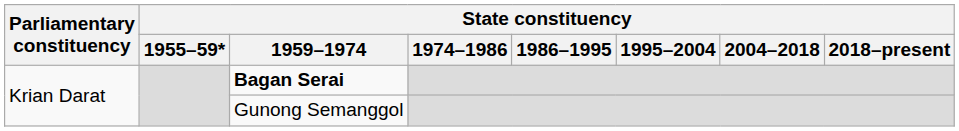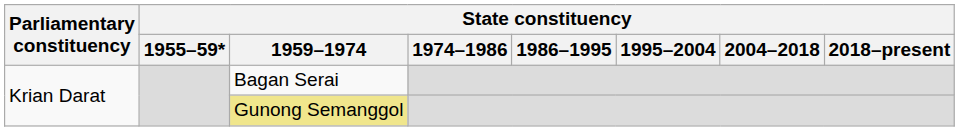 <table class="wikitable">
 <tr>
 <th rowspan="2">Parliamentary<br>constituency</th>
 <th colspan="7">State constituency</th>
 </tr>
 <tr>
 <th>1955–59*</th>
 <th>1959–1974</th>
 <th>1974–1986</th>
 <th>1986–1995</th>
 <th>1995–2004</th>
 <th>2004–2018</th>
 <th>2018–present</th>
 </tr>
 <tr>
 <td rowspan="2">Krian Darat</td>
 <td rowspan="2" bgcolor="dcdcdc"></td>
-<td><strong>Bagan Serai</strong></td>
+<td>Bagan Serai</td>
 <td colspan="5" bgcolor="dcdcdc"></td>
 </tr>
 <tr>
-<td>Gunong Semanggol</td>
+<td style="background: khaki;">Gunong Semanggol</td>
 <td colspan="5" bgcolor="dcdcdc"></td>
 </tr>
 </table>
